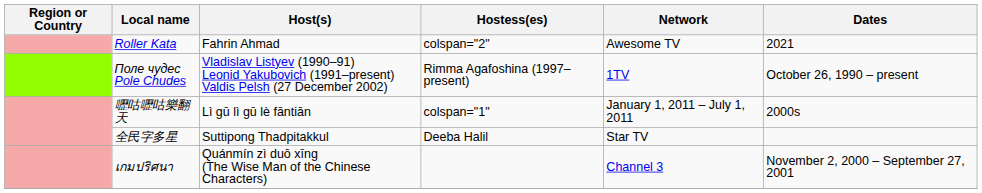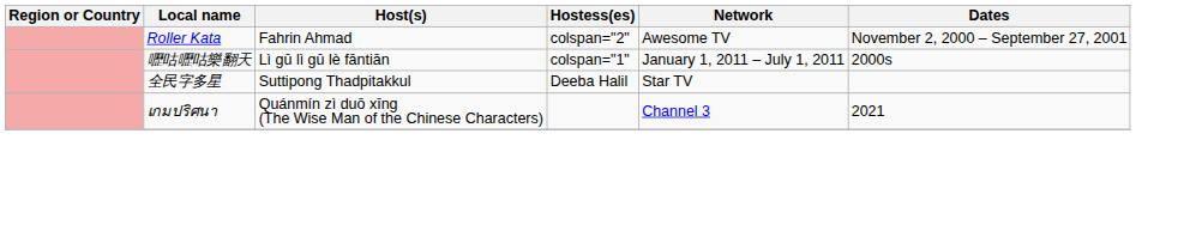 <table class="wikitable" style="text-align:left; line-height:16px;">
 <tr>
 <th>Region or Country</th>
 <th>Local name</th>
 <th>Host(s)</th>
 <th>Hostess(es)</th>
 <th>Network</th>
 <th>Dates</th>
 </tr>
 <tr>
 <td style="background-color:#F5A9A9"></td>
 <td><em><a href='#'>Roller Kata</a></em></td>
 <td>Fahrin Ahmad</td>
 <td>colspan="2" </td>
 <td>Awesome TV</td>
-<td>2021</td>
-</tr>
-<tr>
-<td style="background-color: #92FF00"></td>
-<td><em>Поле чудес</em><br><em><a href='#'>Pole Chudes</a></em></td>
-<td><a href='#'>Vladislav Listyev</a> (1990–91)<br><a href='#'>Leonid Yakubovich</a> (1991–present)<br><a href='#'>Valdis Pelsh</a> (27 December 2002)</td>
-<td>Rimma Agafoshina (1997–present)</td>
-<td><a href='#'>1TV</a></td>
-<td>October 26, 1990 – present</td>
+<td>November 2, 2000 – September 27, 2001</td>
 </tr>
 <tr>
 <td rowspan="2" style="background-color:#F5A9A9"></td>
 <td><em>嚦咕嚦咕樂翻天</em></td>
 <td>Lì gū lì gū lè fāntiān</td>
 <td>colspan="1" </td>
 <td>January 1, 2011 – July 1, 2011</td>
 <td>2000s</td>
 </tr>
 <tr>
 <td><em>全民字多星</em></td>
 <td>Suttipong Thadpitakkul</td>
 <td>Deeba Halil</td>
 <td>Star TV</td>
 </tr>
 <tr>
 <td style="background-color:#F5A9A9"></td>
 <td><em>เกมปริศนา</em></td>
 <td>Quánmín zì duō xīng<br>(The Wise Man of the Chinese Characters)</td>
 <td></td>
 <td><a href='#'>Channel 3</a></td>
-<td>November 2, 2000 – September 27, 2001</td>
+<td>2021</td>
 </tr>
 <tr>
 </tr>
 </table>
